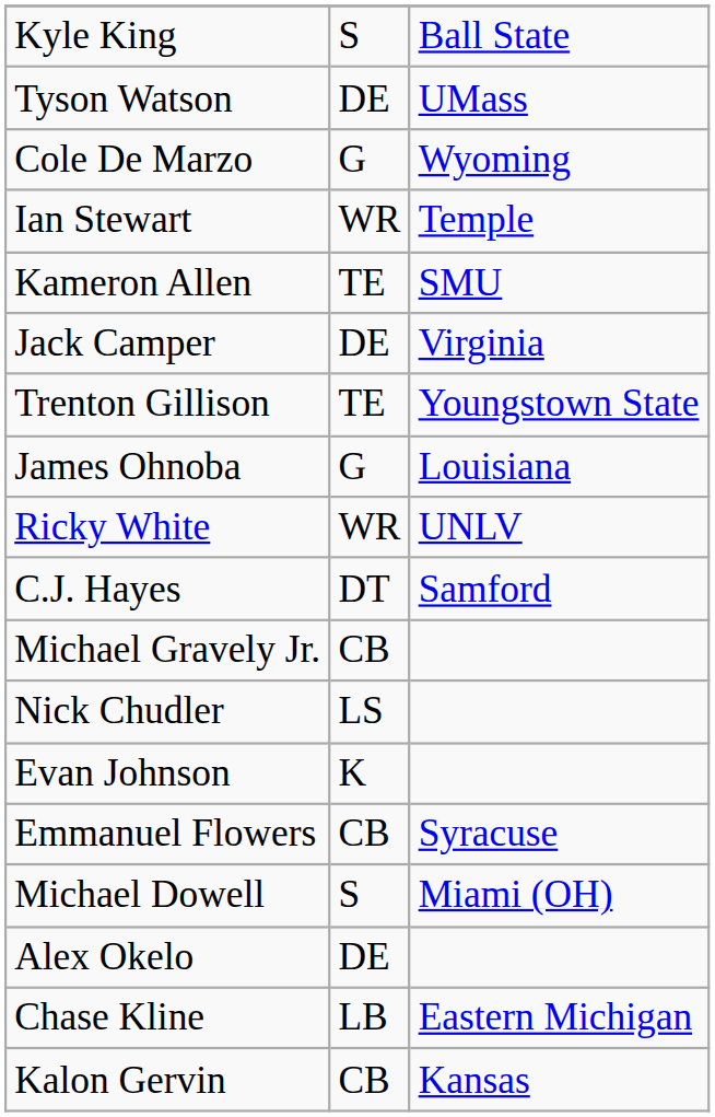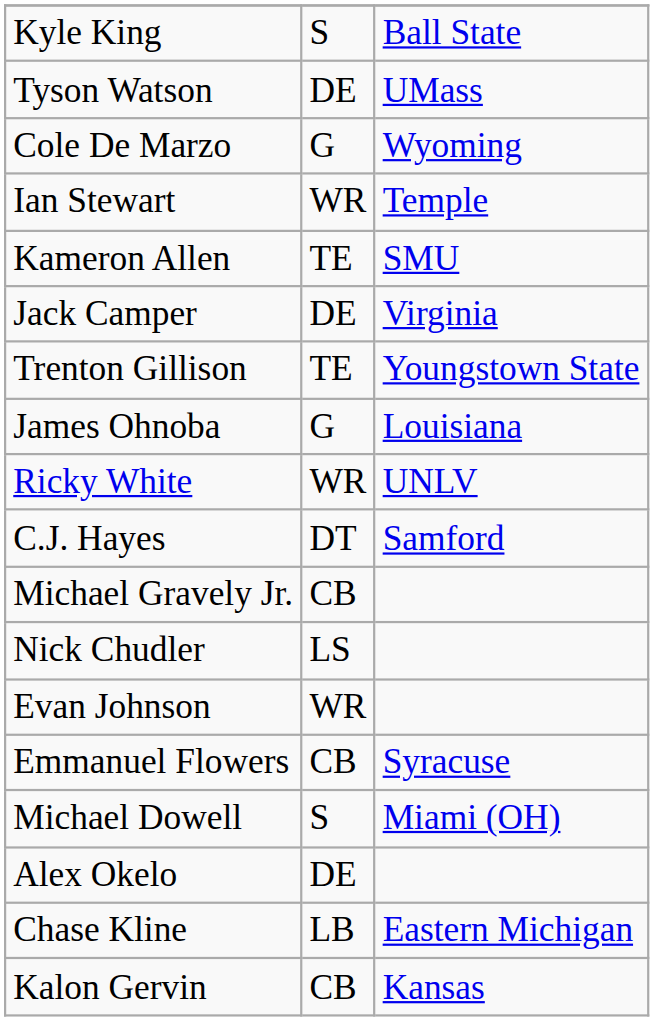 <table class="wikitable" style="display: inline-table;">
 <tr align="center">
 </tr>
 <tr>
 <td>Kyle King</td>
 <td>S</td>
 <td><a href='#'>Ball State</a></td>
 </tr>
 <tr>
 <td>Tyson Watson</td>
 <td>DE</td>
 <td><a href='#'>UMass</a></td>
 </tr>
 <tr>
 <td>Cole De Marzo</td>
 <td>G</td>
 <td><a href='#'>Wyoming</a></td>
 </tr>
 <tr>
 <td>Ian Stewart</td>
 <td>WR</td>
 <td><a href='#'>Temple</a></td>
 </tr>
 <tr>
 <td>Kameron Allen</td>
 <td>TE</td>
 <td><a href='#'>SMU</a></td>
 </tr>
 <tr>
 <td>Jack Camper</td>
 <td>DE</td>
 <td><a href='#'>Virginia</a></td>
 </tr>
 <tr>
 <td>Trenton Gillison</td>
 <td>TE</td>
 <td><a href='#'>Youngstown State</a></td>
 </tr>
 <tr>
 <td>James Ohnoba</td>
 <td>G</td>
 <td><a href='#'>Louisiana</a></td>
 </tr>
 <tr>
 <td><a href='#'>Ricky White</a></td>
 <td>WR</td>
 <td><a href='#'>UNLV</a></td>
 </tr>
 <tr>
 <td>C.J. Hayes</td>
 <td>DT</td>
 <td><a href='#'>Samford</a></td>
 </tr>
 <tr>
 <td>Michael Gravely Jr.</td>
 <td>CB</td>
 <td></td>
 </tr>
 <tr>
 <td>Nick Chudler</td>
 <td>LS</td>
 <td></td>
 </tr>
 <tr>
 <td>Evan Johnson</td>
-<td>K</td>
+<td>WR</td>
 <td></td>
 </tr>
 <tr>
 <td>Emmanuel Flowers</td>
 <td>CB</td>
 <td><a href='#'>Syracuse</a></td>
 </tr>
 <tr>
 <td>Michael Dowell</td>
 <td>S</td>
 <td><a href='#'>Miami (OH)</a></td>
 </tr>
 <tr>
 <td>Alex Okelo</td>
 <td>DE</td>
 <td></td>
 </tr>
 <tr>
 <td>Chase Kline</td>
 <td>LB</td>
 <td><a href='#'>Eastern Michigan</a></td>
 </tr>
 <tr>
 <td>Kalon Gervin</td>
 <td>CB</td>
 <td><a href='#'>Kansas</a></td>
 </tr>
 </table>
